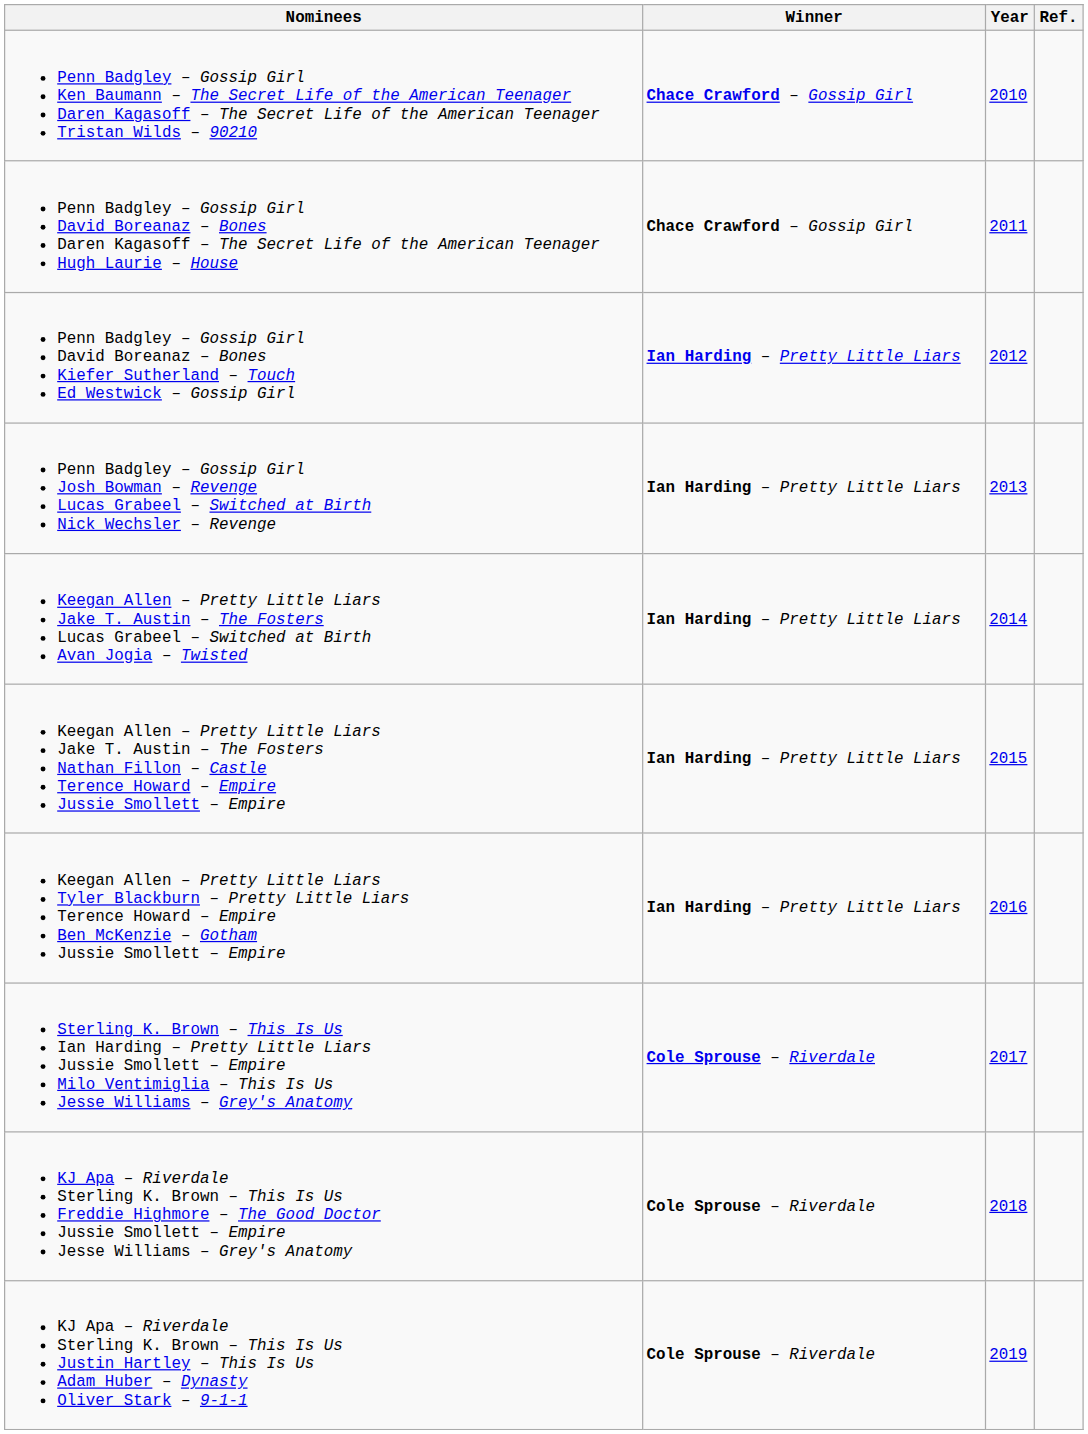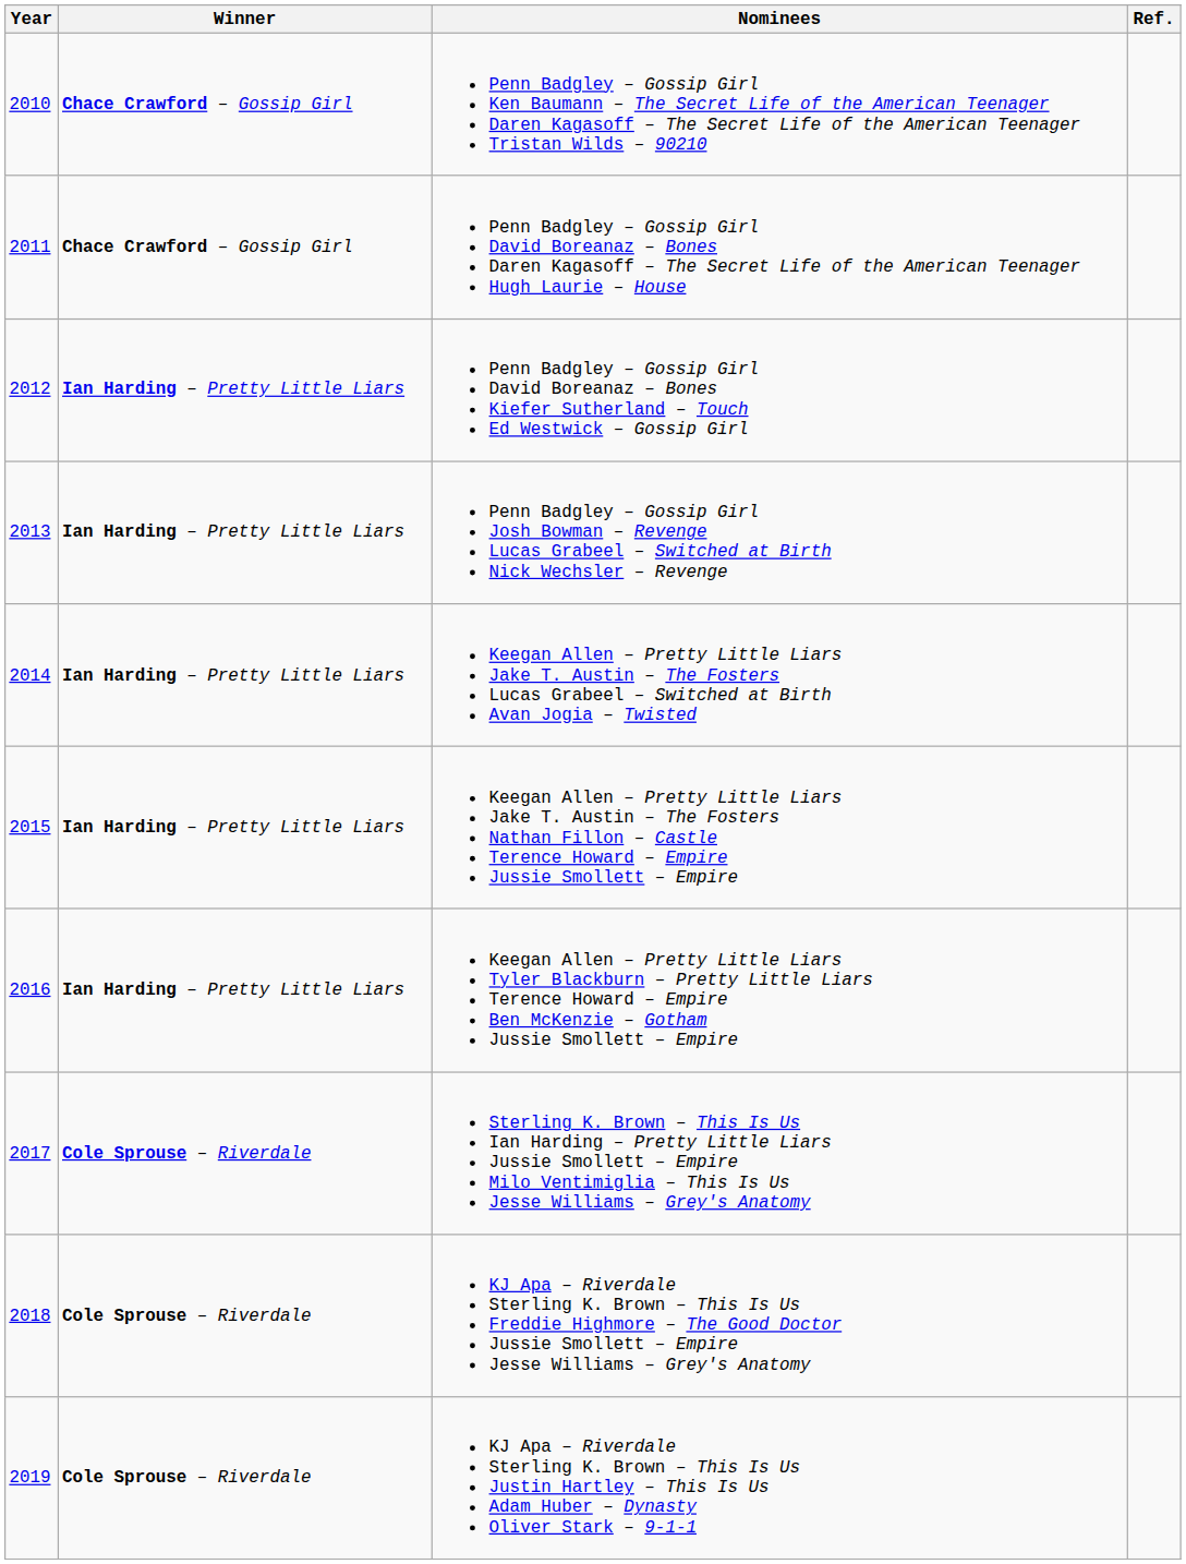 <table class="wikitable" width=70%>
 <tr>
+<th>Year</th>
+<th>Winner</th>
 <th>Nominees</th>
-<th>Winner</th>
-<th>Year</th>
 <th>Ref.</th>
 </tr>
 <tr>
+<td><a href='#'>2010</a></td>
+<td><strong><a href='#'>Chace Crawford</a></strong> – <em><a href='#'>Gossip Girl</a></em></td>
 <td><br><ul><li><a href='#'>Penn Badgley</a> – <em>Gossip Girl</em></li><li><a href='#'>Ken Baumann</a> – <em><a href='#'>The Secret Life of the American Teenager</a></em></li><li><a href='#'>Daren Kagasoff</a> – <em>The Secret Life of the American Teenager</em></li><li><a href='#'>Tristan Wilds</a> – <em><a href='#'>90210</a></em></li></ul></td>
-<td><strong><a href='#'>Chace Crawford</a></strong> – <em><a href='#'>Gossip Girl</a></em></td>
-<td><a href='#'>2010</a></td>
 <td></td>
 </tr>
 <tr>
+<td><a href='#'>2011</a></td>
+<td><strong>Chace Crawford</strong> – <em>Gossip Girl</em></td>
 <td><br><ul><li>Penn Badgley – <em>Gossip Girl</em></li><li><a href='#'>David Boreanaz</a> – <em><a href='#'>Bones</a></em></li><li>Daren Kagasoff – <em>The Secret Life of the American Teenager</em></li><li><a href='#'>Hugh Laurie</a> – <em><a href='#'>House</a></em></li></ul></td>
-<td><strong>Chace Crawford</strong> – <em>Gossip Girl</em></td>
-<td><a href='#'>2011</a></td>
 <td></td>
 </tr>
 <tr>
+<td><a href='#'>2012</a></td>
+<td><strong><a href='#'>Ian Harding</a></strong> – <em><a href='#'>Pretty Little Liars</a></em></td>
 <td><br><ul><li>Penn Badgley – <em>Gossip Girl</em></li><li>David Boreanaz – <em>Bones</em></li><li><a href='#'>Kiefer Sutherland</a> – <em><a href='#'>Touch</a></em></li><li><a href='#'>Ed Westwick</a> – <em>Gossip Girl</em></li></ul></td>
-<td><strong><a href='#'>Ian Harding</a></strong> – <em><a href='#'>Pretty Little Liars</a></em></td>
-<td><a href='#'>2012</a></td>
 <td></td>
 </tr>
 <tr>
+<td><a href='#'>2013</a></td>
+<td><strong>Ian Harding</strong> – <em>Pretty Little Liars</em></td>
 <td><br><ul><li>Penn Badgley – <em>Gossip Girl</em></li><li><a href='#'>Josh Bowman</a> – <em><a href='#'>Revenge</a></em></li><li><a href='#'>Lucas Grabeel</a> – <em><a href='#'>Switched at Birth</a></em></li><li><a href='#'>Nick Wechsler</a> – <em>Revenge</em></li></ul></td>
-<td><strong>Ian Harding</strong> – <em>Pretty Little Liars</em></td>
-<td><a href='#'>2013</a></td>
 <td></td>
 </tr>
 <tr>
+<td><a href='#'>2014</a></td>
+<td><strong>Ian Harding</strong> – <em>Pretty Little Liars</em></td>
 <td><br><ul><li><a href='#'>Keegan Allen</a> – <em>Pretty Little Liars</em></li><li><a href='#'>Jake T. Austin</a> – <em><a href='#'>The Fosters</a></em></li><li>Lucas Grabeel – <em>Switched at Birth</em></li><li><a href='#'>Avan Jogia</a> – <em><a href='#'>Twisted</a></em></li></ul></td>
-<td><strong>Ian Harding</strong> – <em>Pretty Little Liars</em></td>
-<td><a href='#'>2014</a></td>
 <td></td>
 </tr>
 <tr>
+<td><a href='#'>2015</a></td>
+<td><strong>Ian Harding</strong> – <em>Pretty Little Liars</em></td>
 <td><br><ul><li>Keegan Allen – <em>Pretty Little Liars</em></li><li>Jake T. Austin – <em>The Fosters</em></li><li><a href='#'>Nathan Fillon</a> – <em><a href='#'>Castle</a></em></li><li><a href='#'>Terence Howard</a> – <em><a href='#'>Empire</a></em></li><li><a href='#'>Jussie Smollett</a> – <em>Empire</em></li></ul></td>
-<td><strong>Ian Harding</strong> – <em>Pretty Little Liars</em></td>
-<td><a href='#'>2015</a></td>
 <td></td>
 </tr>
 <tr>
+<td><a href='#'>2016</a></td>
+<td><strong>Ian Harding</strong> – <em>Pretty Little Liars</em></td>
 <td><br><ul><li>Keegan Allen – <em>Pretty Little Liars</em></li><li><a href='#'>Tyler Blackburn</a> – <em>Pretty Little Liars</em></li><li>Terence Howard – <em>Empire</em></li><li><a href='#'>Ben McKenzie</a> – <em><a href='#'>Gotham</a></em></li><li>Jussie Smollett – <em>Empire</em></li></ul></td>
-<td><strong>Ian Harding</strong> – <em>Pretty Little Liars</em></td>
-<td><a href='#'>2016</a></td>
 <td></td>
 </tr>
 <tr>
+<td><a href='#'>2017</a></td>
+<td><strong><a href='#'>Cole Sprouse</a></strong> – <em><a href='#'>Riverdale</a></em></td>
 <td><br><ul><li><a href='#'>Sterling K. Brown</a> – <em><a href='#'>This Is Us</a></em></li><li>Ian Harding – <em>Pretty Little Liars</em></li><li>Jussie Smollett – <em>Empire</em></li><li><a href='#'>Milo Ventimiglia</a> – <em>This Is Us</em></li><li><a href='#'>Jesse Williams</a> – <em><a href='#'>Grey's Anatomy</a></em></li></ul></td>
-<td><strong><a href='#'>Cole Sprouse</a></strong> – <em><a href='#'>Riverdale</a></em></td>
-<td><a href='#'>2017</a></td>
 <td></td>
 </tr>
 <tr>
+<td><a href='#'>2018</a></td>
+<td><strong>Cole Sprouse</strong> – <em>Riverdale</em></td>
 <td><br><ul><li><a href='#'>KJ Apa</a> – <em>Riverdale</em></li><li>Sterling K. Brown – <em>This Is Us</em></li><li><a href='#'>Freddie Highmore</a> – <em><a href='#'>The Good Doctor</a></em></li><li>Jussie Smollett – <em>Empire</em></li><li>Jesse Williams – <em>Grey's Anatomy</em></li></ul></td>
-<td><strong>Cole Sprouse</strong> – <em>Riverdale</em></td>
-<td><a href='#'>2018</a></td>
 <td></td>
 </tr>
 <tr>
+<td><a href='#'>2019</a></td>
+<td><strong>Cole Sprouse</strong> – <em>Riverdale</em></td>
 <td><br><ul><li>KJ Apa – <em> Riverdale</em></li><li>Sterling K. Brown – <em>This Is Us</em></li><li><a href='#'>Justin Hartley</a> – <em>This Is Us</em></li><li><a href='#'>Adam Huber</a> – <em><a href='#'>Dynasty</a></em></li><li><a href='#'>Oliver Stark</a> – <em><a href='#'>9-1-1</a></em></li></ul></td>
-<td><strong>Cole Sprouse</strong> – <em>Riverdale</em></td>
-<td><a href='#'>2019</a></td>
 <td></td>
 </tr>
 </table>
